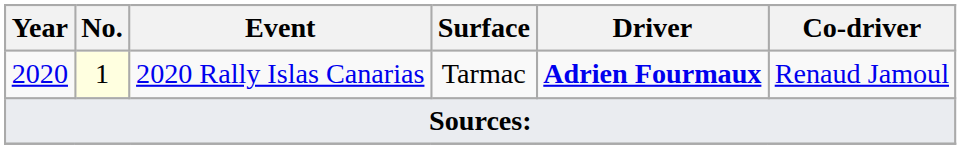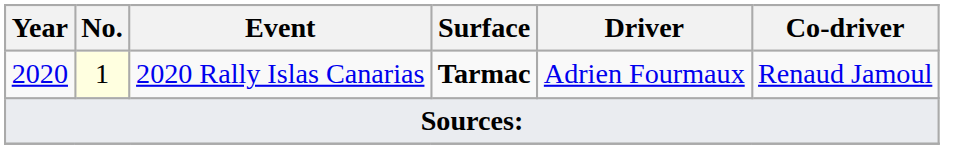 <table class="wikitable" style="font-size: 85%; ">
 <tr>
 <th>Year</th>
 <th>No.</th>
 <th>Event</th>
 <th>Surface</th>
 <th>Driver</th>
 <th>Co-driver</th>
 </tr>
 <tr>
 <td align="center"><a href='#'>2020</a></td>
 <td align="center" style="background: lightyellow;">1</td>
 <td> <a href='#'>2020 Rally Islas Canarias</a></td>
-<td align="center">Tarmac</td>
-<td><strong> <a href='#'>Adrien Fourmaux</a></strong></td>
+<td align="center"><strong>Tarmac</strong></td>
+<td> <a href='#'>Adrien Fourmaux</a></td>
 <td> <a href='#'>Renaud Jamoul</a></td>
 </tr>
 <tr>
 <td colspan="6" style="background-color:#EAECF0;text-align:center"><strong>Sources:</strong></td>
 </tr>
 <tr>
 </tr>
 </table>
